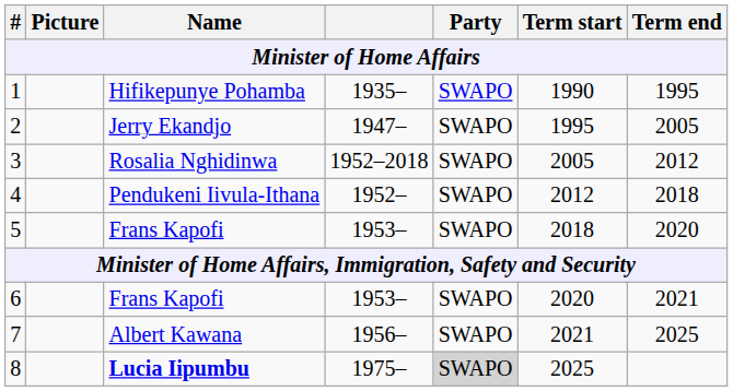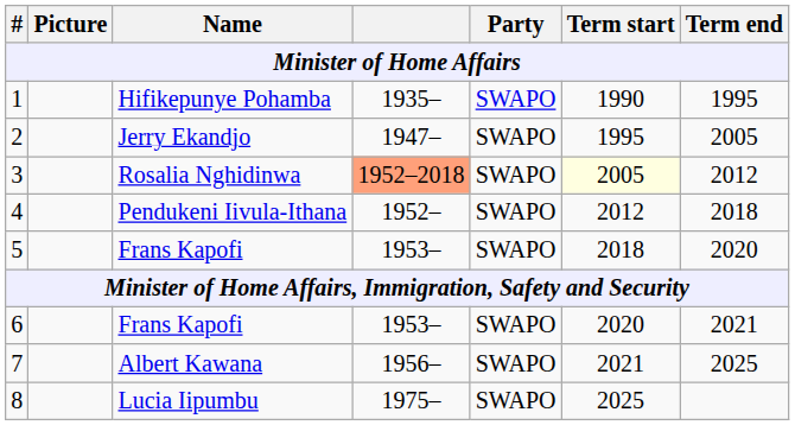 <table class="wikitable" style="text-align:center;">
 <tr>
 <th>#</th>
 <th>Picture</th>
 <th>Name</th>
 <th></th>
 <th>Party</th>
 <th>Term start</th>
 <th>Term end</th>
 </tr>
 <tr>
 <th style="background:#EEEEFF" align="center" colspan="7"><em>Minister of Home Affairs</em></th>
 </tr>
 <tr>
 <td>1</td>
 <td></td>
 <td style="text-align:left;"><a href='#'>Hifikepunye Pohamba</a></td>
 <td>1935–</td>
 <td><a href='#'>SWAPO</a></td>
 <td>1990</td>
 <td>1995</td>
 </tr>
 <tr>
 <td>2</td>
 <td></td>
 <td style="text-align:left;"><a href='#'>Jerry Ekandjo</a></td>
 <td>1947–</td>
 <td>SWAPO</td>
 <td>1995</td>
 <td>2005</td>
 </tr>
 <tr>
 <td>3</td>
 <td></td>
 <td style="text-align:left;"><a href='#'>Rosalia Nghidinwa</a></td>
-<td>1952–2018</td>
+<td style="background: lightsalmon;">1952–2018</td>
 <td>SWAPO</td>
-<td>2005</td>
+<td style="background: lightyellow;">2005</td>
 <td>2012</td>
 </tr>
 <tr>
 <td>4</td>
 <td></td>
 <td style="text-align:left;"><a href='#'>Pendukeni Iivula-Ithana</a></td>
 <td>1952–</td>
 <td>SWAPO</td>
 <td>2012</td>
 <td>2018</td>
 </tr>
 <tr>
 <td>5</td>
 <td></td>
 <td style="text-align:left;"><a href='#'>Frans Kapofi</a></td>
 <td>1953–</td>
 <td>SWAPO</td>
 <td>2018</td>
 <td>2020</td>
 </tr>
 <tr>
 <th style="background:#EEEEFF" align="center" colspan="7"><em>Minister of Home Affairs, Immigration, Safety and Security</em></th>
 </tr>
 <tr>
 <td>6</td>
 <td></td>
 <td style="text-align:left;"><a href='#'>Frans Kapofi</a></td>
 <td>1953–</td>
 <td>SWAPO</td>
 <td>2020</td>
 <td>2021</td>
 </tr>
 <tr>
 <td>7</td>
 <td></td>
 <td style="text-align:left;"><a href='#'>Albert Kawana</a></td>
 <td>1956–</td>
 <td>SWAPO</td>
 <td>2021</td>
 <td>2025</td>
 </tr>
 <tr>
 <td>8</td>
 <td></td>
-<td style="text-align:left;"><strong><a href='#'>Lucia Iipumbu</a></strong></td>
+<td style="text-align:left;"><a href='#'>Lucia Iipumbu</a></td>
 <td>1975–</td>
-<td style="background: lightgrey;">SWAPO</td>
+<td>SWAPO</td>
 <td>2025</td>
 <td></td>
 </tr>
 </table>
